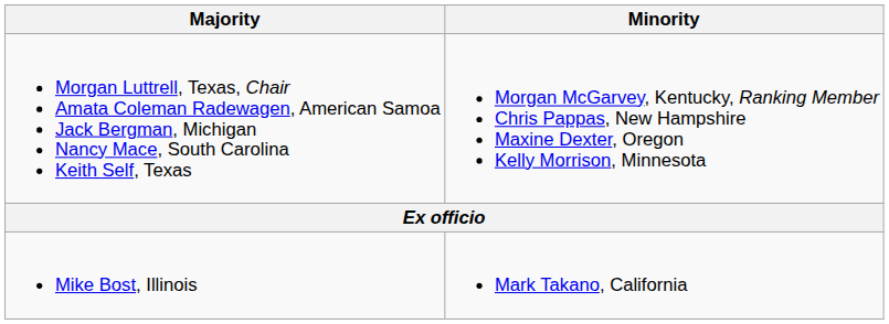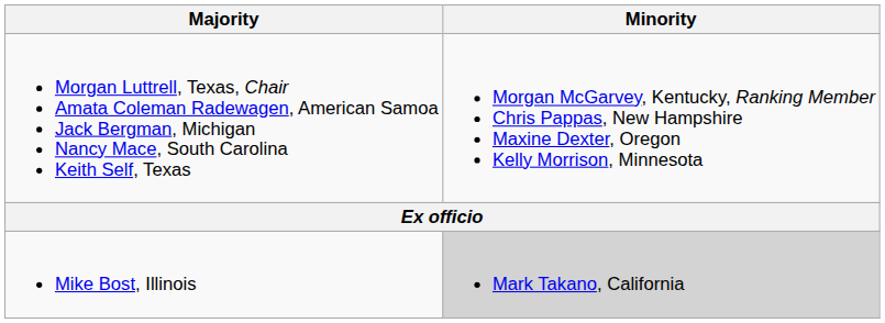 <table class=wikitable>
 <tr>
 <th>Majority</th>
 <th>Minority</th>
 </tr>
 <tr>
 <td><br><ul><li><a href='#'>Morgan Luttrell</a>, Texas, <em>Chair</em></li><li><a href='#'>Amata Coleman Radewagen</a>, American Samoa</li><li><a href='#'>Jack Bergman</a>, Michigan</li><li><a href='#'>Nancy Mace</a>, South Carolina</li><li><a href='#'>Keith Self</a>, Texas</li></ul></td>
 <td><br><ul><li><a href='#'>Morgan McGarvey</a>, Kentucky, <em>Ranking Member</em></li><li><a href='#'>Chris Pappas</a>, New Hampshire</li><li><a href='#'>Maxine Dexter</a>, Oregon</li><li><a href='#'>Kelly Morrison</a>, Minnesota</li></ul></td>
 </tr>
 <tr>
 <th colspan=2><em>Ex officio</em></th>
 </tr>
 <tr>
 <td><br><ul><li><a href='#'>Mike Bost</a>, Illinois</li></ul></td>
-<td><br><ul><li><a href='#'>Mark Takano</a>, California</li></ul></td>
+<td style="background: lightgrey;"><br><ul><li><a href='#'>Mark Takano</a>, California</li></ul></td>
 </tr>
 </table>
